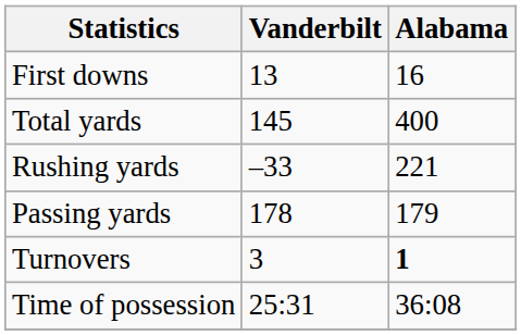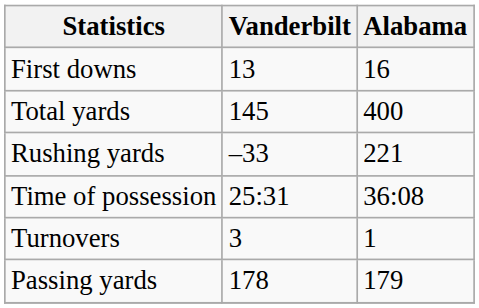 <table class="wikitable" style="float: left;">
 <tr>
 <th>Statistics</th>
 <th style=>Vanderbilt</th>
 <th>Alabama</th>
 </tr>
 <tr>
 <td>First downs</td>
 <td>13</td>
 <td>16</td>
 </tr>
 <tr>
 <td>Total yards</td>
 <td>145</td>
 <td>400</td>
 </tr>
 <tr>
 <td>Rushing yards</td>
 <td>–33</td>
 <td>221</td>
 </tr>
 <tr>
+<td>Time of possession</td>
+<td>25:31</td>
+<td>36:08</td>
+</tr>
+<tr>
+<td>Turnovers</td>
+<td>3</td>
+<td>1</td>
+</tr>
+<tr>
 <td>Passing yards</td>
 <td>178</td>
 <td>179</td>
 </tr>
 <tr>
-<td>Turnovers</td>
-<td>3</td>
-<td><strong>1</strong></td>
-</tr>
-<tr>
-<td>Time of possession</td>
-<td>25:31</td>
-<td>36:08</td>
-</tr>
-<tr>
 </tr>
 </table>
